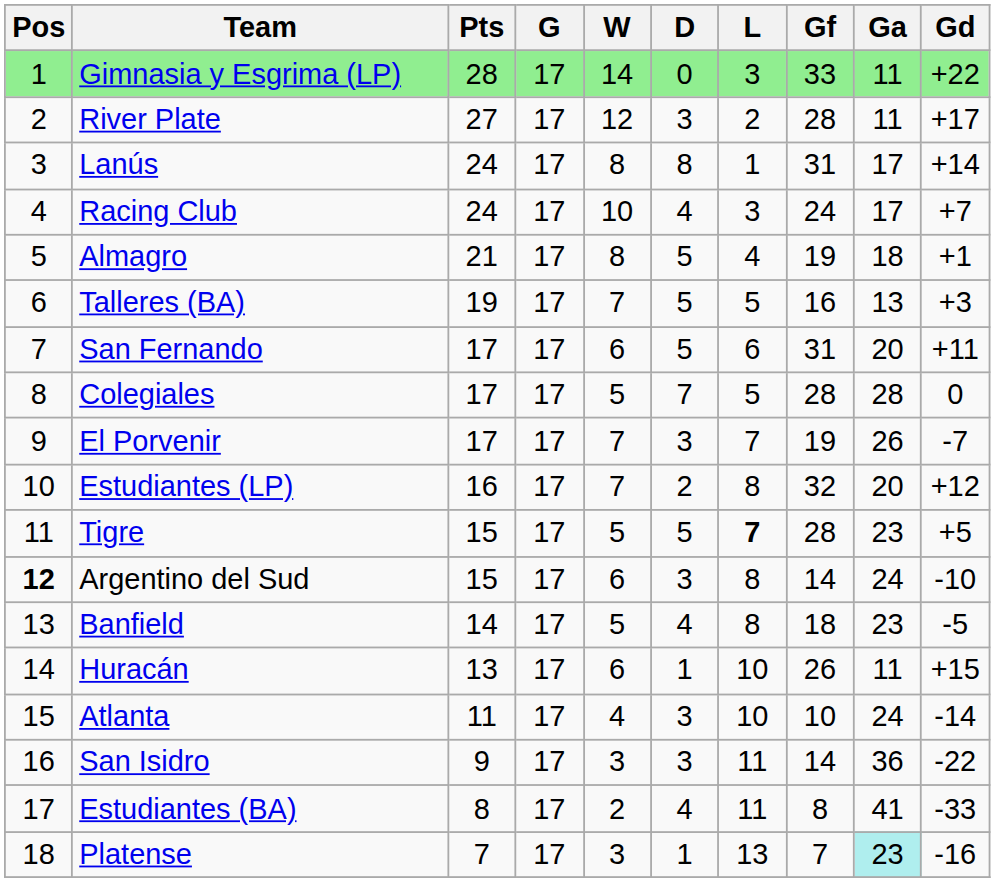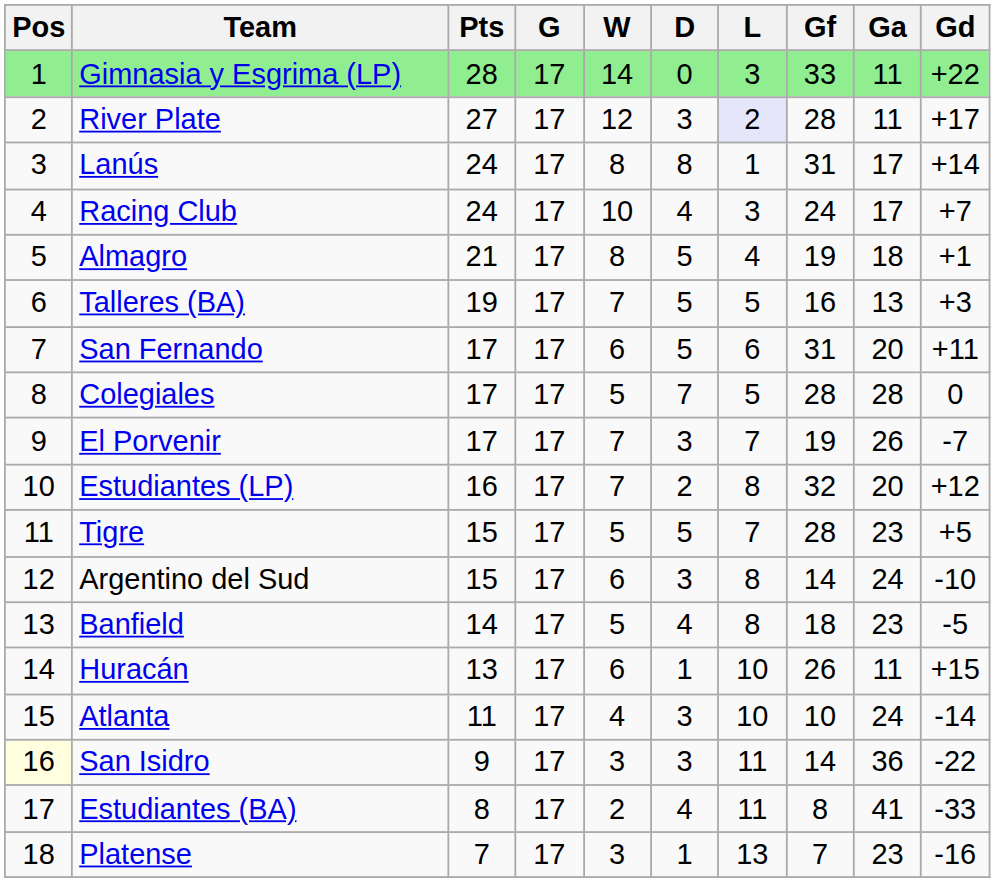 <table class="wikitable" style="text-align:center">
 <tr>
 <th width=30px>Pos</th>
 <th width=200px>Team</th>
 <th width=30px>Pts</th>
 <th width=30px>G</th>
 <th width=30px>W</th>
 <th width=30px>D</th>
 <th width=30px>L</th>
 <th width=30px>Gf</th>
 <th width=30px>Ga</th>
 <th width=30px>Gd</th>
 </tr>
 <tr bgcolor="lightgreen">
 <td>1</td>
 <td align="left"><a href='#'>Gimnasia y Esgrima (LP)</a></td>
 <td>28</td>
 <td>17</td>
 <td>14</td>
 <td>0</td>
 <td>3</td>
 <td>33</td>
 <td>11</td>
 <td>+22</td>
 </tr>
 <tr>
 <td>2</td>
 <td align="left"><a href='#'>River Plate</a></td>
 <td>27</td>
 <td>17</td>
 <td>12</td>
 <td>3</td>
-<td>2</td>
+<td style="background: lavender;">2</td>
 <td>28</td>
 <td>11</td>
 <td>+17</td>
 </tr>
 <tr>
 <td>3</td>
 <td align="left"><a href='#'>Lanús</a></td>
 <td>24</td>
 <td>17</td>
 <td>8</td>
 <td>8</td>
 <td>1</td>
 <td>31</td>
 <td>17</td>
 <td>+14</td>
 </tr>
 <tr>
 <td>4</td>
 <td align="left"><a href='#'>Racing Club</a></td>
 <td>24</td>
 <td>17</td>
 <td>10</td>
 <td>4</td>
 <td>3</td>
 <td>24</td>
 <td>17</td>
 <td>+7</td>
 </tr>
 <tr>
 <td>5</td>
 <td align="left"><a href='#'>Almagro</a></td>
 <td>21</td>
 <td>17</td>
 <td>8</td>
 <td>5</td>
 <td>4</td>
 <td>19</td>
 <td>18</td>
 <td>+1</td>
 </tr>
 <tr>
 <td>6</td>
 <td align="left"><a href='#'>Talleres (BA)</a></td>
 <td>19</td>
 <td>17</td>
 <td>7</td>
 <td>5</td>
 <td>5</td>
 <td>16</td>
 <td>13</td>
 <td>+3</td>
 </tr>
 <tr>
 <td>7</td>
 <td align="left"><a href='#'>San Fernando</a></td>
 <td>17</td>
 <td>17</td>
 <td>6</td>
 <td>5</td>
 <td>6</td>
 <td>31</td>
 <td>20</td>
 <td>+11</td>
 </tr>
 <tr>
 <td>8</td>
 <td align="left"><a href='#'>Colegiales</a></td>
 <td>17</td>
 <td>17</td>
 <td>5</td>
 <td>7</td>
 <td>5</td>
 <td>28</td>
 <td>28</td>
 <td>0</td>
 </tr>
 <tr>
 <td>9</td>
 <td align="left"><a href='#'>El Porvenir</a></td>
 <td>17</td>
 <td>17</td>
 <td>7</td>
 <td>3</td>
 <td>7</td>
 <td>19</td>
 <td>26</td>
 <td>-7</td>
 </tr>
 <tr>
 <td>10</td>
 <td align="left"><a href='#'>Estudiantes (LP)</a></td>
 <td>16</td>
 <td>17</td>
 <td>7</td>
 <td>2</td>
 <td>8</td>
 <td>32</td>
 <td>20</td>
 <td>+12</td>
 </tr>
 <tr>
 <td>11</td>
 <td align="left"><a href='#'>Tigre</a></td>
 <td>15</td>
 <td>17</td>
 <td>5</td>
 <td>5</td>
-<td><strong>7</strong></td>
+<td>7</td>
 <td>28</td>
 <td>23</td>
 <td>+5</td>
 </tr>
 <tr>
-<td><strong>12</strong></td>
+<td>12</td>
 <td align="left">Argentino del Sud</td>
 <td>15</td>
 <td>17</td>
 <td>6</td>
 <td>3</td>
 <td>8</td>
 <td>14</td>
 <td>24</td>
 <td>-10</td>
 </tr>
 <tr>
 <td>13</td>
 <td align="left"><a href='#'>Banfield</a></td>
 <td>14</td>
 <td>17</td>
 <td>5</td>
 <td>4</td>
 <td>8</td>
 <td>18</td>
 <td>23</td>
 <td>-5</td>
 </tr>
 <tr>
 <td>14</td>
 <td align="left"><a href='#'>Huracán</a></td>
 <td>13</td>
 <td>17</td>
 <td>6</td>
 <td>1</td>
 <td>10</td>
 <td>26</td>
 <td>11</td>
 <td>+15</td>
 </tr>
 <tr>
 <td>15</td>
 <td align="left"><a href='#'>Atlanta</a></td>
 <td>11</td>
 <td>17</td>
 <td>4</td>
 <td>3</td>
 <td>10</td>
 <td>10</td>
 <td>24</td>
 <td>-14</td>
 </tr>
 <tr>
-<td>16</td>
+<td style="background: lightyellow;">16</td>
 <td align="left"><a href='#'>San Isidro</a></td>
 <td>9</td>
 <td>17</td>
 <td>3</td>
 <td>3</td>
 <td>11</td>
 <td>14</td>
 <td>36</td>
 <td>-22</td>
 </tr>
 <tr>
 <td>17</td>
 <td align="left"><a href='#'>Estudiantes (BA)</a></td>
 <td>8</td>
 <td>17</td>
 <td>2</td>
 <td>4</td>
 <td>11</td>
 <td>8</td>
 <td>41</td>
 <td>-33</td>
 </tr>
 <tr>
 <td>18</td>
 <td align="left"><a href='#'>Platense</a></td>
 <td>7</td>
 <td>17</td>
 <td>3</td>
 <td>1</td>
 <td>13</td>
 <td>7</td>
-<td style="background: paleturquoise;">23</td>
+<td>23</td>
 <td>-16</td>
 </tr>
 <tr>
 </tr>
 </table>
